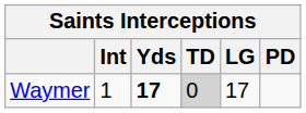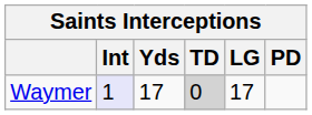 <table class="wikitable">
 <tr>
 <th colspan="6">Saints Interceptions</th>
 </tr>
 <tr>
 <th></th>
 <th>Int</th>
 <th>Yds</th>
 <th>TD</th>
 <th>LG</th>
 <th>PD</th>
 </tr>
 <tr>
 <td><a href='#'>Waymer</a></td>
-<td>1</td>
-<td><strong>17</strong></td>
+<td style="background: lavender;">1</td>
+<td>17</td>
 <td style="background: lightgrey;">0</td>
 <td>17</td>
 <td></td>
 </tr>
 </table>
